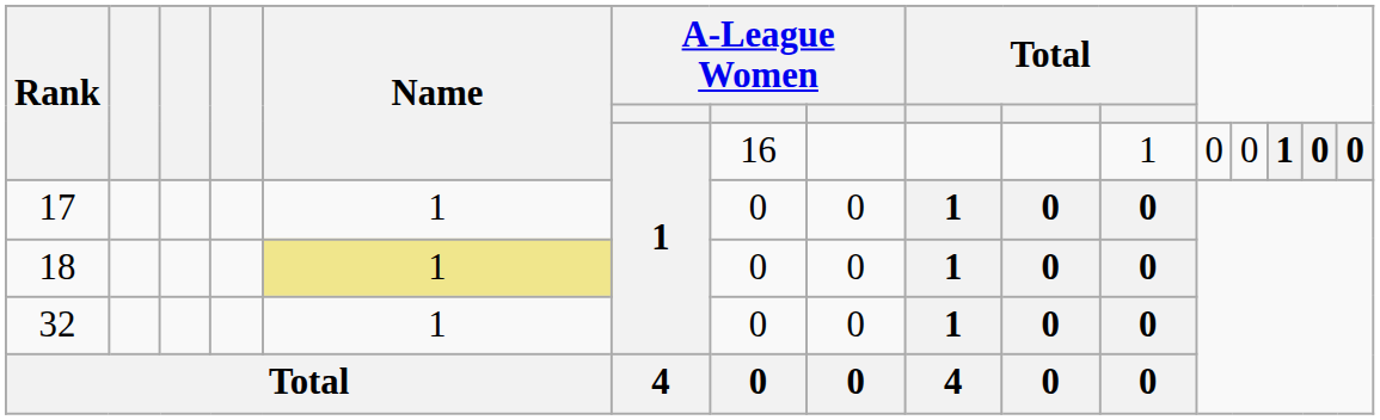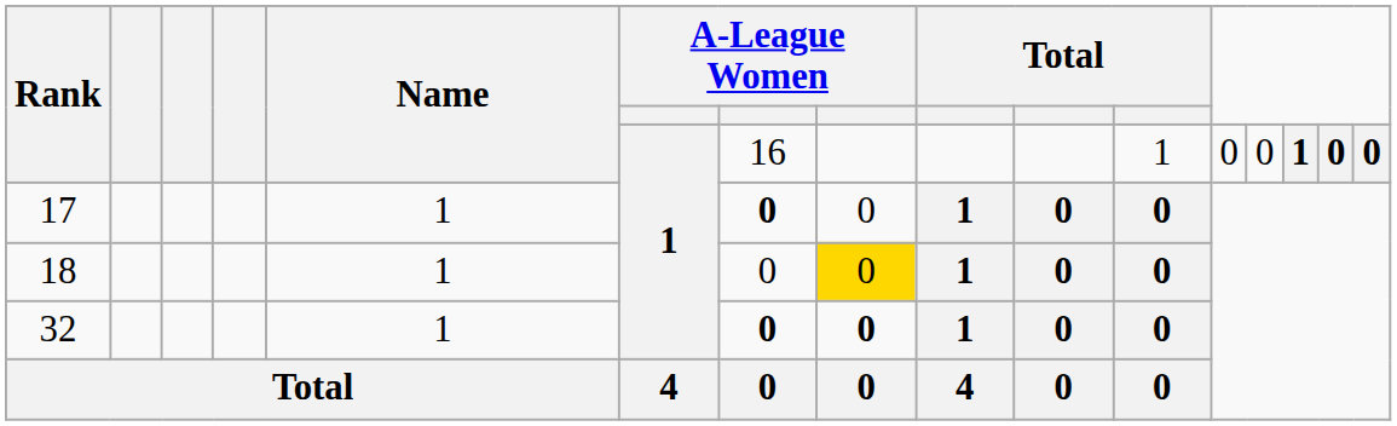 <table class="wikitable sortable" style="text-align:center;">
 <tr>
 <th rowspan="3" width="15">Rank</th>
 <th rowspan="3" width="15"></th>
 <th rowspan="3" width="15"></th>
 <th rowspan="3" width="15"></th>
 <th rowspan="3" width="145">Name</th>
 <th colspan="3" width="120"><a href='#'>A-League Women</a></th>
 <th colspan="3" width="120">Total</th>
 </tr>
 <tr>
 <th style="width:30px"></th>
 <th style="width:30px"></th>
 <th style="width:30px"></th>
 <th style="width:30px"></th>
 <th style="width:30px"></th>
 <th style="width:30px"></th>
 </tr>
 <tr>
 <th rowspan="4">1</th>
 <td>16</td>
 <td></td>
 <td></td>
 <td align="left"><br></td>
 <td>1</td>
 <td>0</td>
 <td>0<br></td>
 <th>1</th>
 <th>0</th>
 <th>0</th>
 </tr>
 <tr>
 <td>17</td>
 <td></td>
 <td></td>
 <td align="left"><br></td>
 <td>1</td>
-<td>0</td>
+<td><strong>0</strong></td>
 <td>0<br></td>
 <th>1</th>
 <th>0</th>
 <th>0</th>
 </tr>
 <tr>
 <td>18</td>
 <td></td>
 <td></td>
 <td align="left"><br></td>
-<td style="background: khaki;">1</td>
+<td>1</td>
 <td>0</td>
-<td>0<br></td>
+<td style="background: gold;">0<br></td>
 <th>1</th>
 <th>0</th>
 <th>0</th>
 </tr>
 <tr>
 <td>32</td>
 <td></td>
 <td></td>
 <td align="left"><br></td>
 <td>1</td>
-<td>0</td>
-<td>0<br></td>
+<td><strong>0</strong></td>
+<td><strong>0<br></strong></td>
 <th>1</th>
 <th>0</th>
 <th>0</th>
 </tr>
 <tr>
 <th colspan="5">Total<br></th>
 <th>4</th>
 <th>0</th>
 <th>0<br></th>
 <th>4</th>
 <th>0</th>
 <th>0</th>
 </tr>
 </table>
